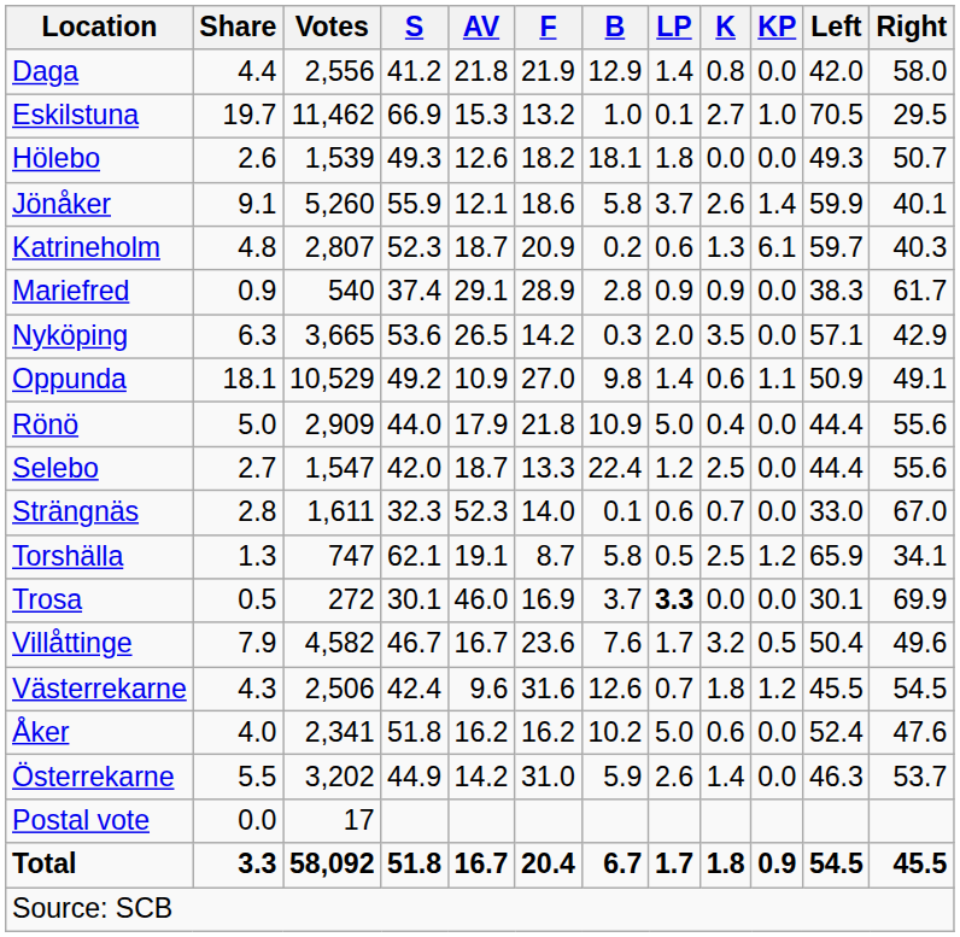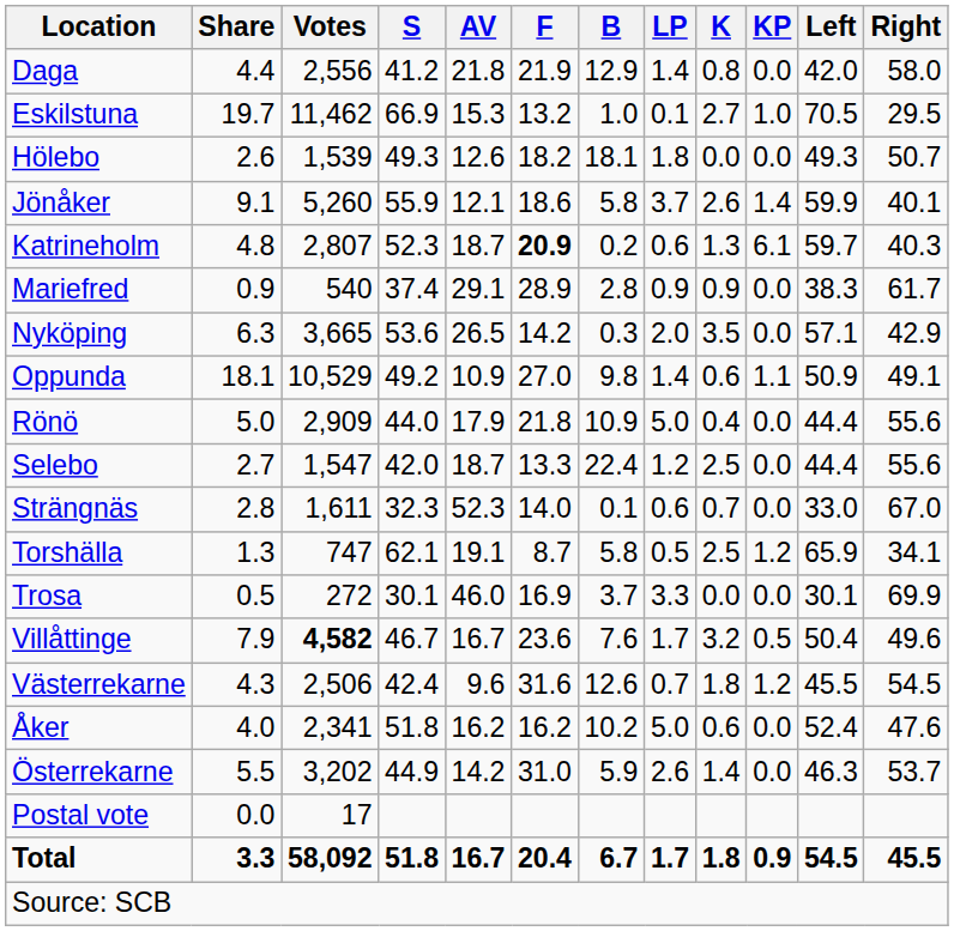 <table class="wikitable sortable" style=text-align:right>
 <tr>
 <th>Location</th>
 <th>Share</th>
 <th>Votes</th>
 <th><a href='#'>S</a></th>
 <th><a href='#'>AV</a></th>
 <th><a href='#'>F</a></th>
 <th><a href='#'>B</a></th>
 <th><a href='#'>LP</a></th>
 <th><a href='#'>K</a></th>
 <th><a href='#'>KP</a></th>
 <th>Left</th>
 <th>Right</th>
 </tr>
 <tr>
 <td align=left><a href='#'>Daga</a></td>
 <td>4.4</td>
 <td>2,556</td>
 <td>41.2</td>
 <td>21.8</td>
 <td>21.9</td>
 <td>12.9</td>
 <td>1.4</td>
 <td>0.8</td>
 <td>0.0</td>
 <td>42.0</td>
 <td>58.0</td>
 </tr>
 <tr>
 <td align=left><a href='#'>Eskilstuna</a></td>
 <td>19.7</td>
 <td>11,462</td>
 <td>66.9</td>
 <td>15.3</td>
 <td>13.2</td>
 <td>1.0</td>
 <td>0.1</td>
 <td>2.7</td>
 <td>1.0</td>
 <td>70.5</td>
 <td>29.5</td>
 </tr>
 <tr>
 <td align=left><a href='#'>Hölebo</a></td>
 <td>2.6</td>
 <td>1,539</td>
 <td>49.3</td>
 <td>12.6</td>
 <td>18.2</td>
 <td>18.1</td>
 <td>1.8</td>
 <td>0.0</td>
 <td>0.0</td>
 <td>49.3</td>
 <td>50.7</td>
 </tr>
 <tr>
 <td align=left><a href='#'>Jönåker</a></td>
 <td>9.1</td>
 <td>5,260</td>
 <td>55.9</td>
 <td>12.1</td>
 <td>18.6</td>
 <td>5.8</td>
 <td>3.7</td>
 <td>2.6</td>
 <td>1.4</td>
 <td>59.9</td>
 <td>40.1</td>
 </tr>
 <tr>
 <td align=left><a href='#'>Katrineholm</a></td>
 <td>4.8</td>
 <td>2,807</td>
 <td>52.3</td>
 <td>18.7</td>
-<td>20.9</td>
+<td><strong>20.9</strong></td>
 <td>0.2</td>
 <td>0.6</td>
 <td>1.3</td>
 <td>6.1</td>
 <td>59.7</td>
 <td>40.3</td>
 </tr>
 <tr>
 <td align=left><a href='#'>Mariefred</a></td>
 <td>0.9</td>
 <td>540</td>
 <td>37.4</td>
 <td>29.1</td>
 <td>28.9</td>
 <td>2.8</td>
 <td>0.9</td>
 <td>0.9</td>
 <td>0.0</td>
 <td>38.3</td>
 <td>61.7</td>
 </tr>
 <tr>
 <td align=left><a href='#'>Nyköping</a></td>
 <td>6.3</td>
 <td>3,665</td>
 <td>53.6</td>
 <td>26.5</td>
 <td>14.2</td>
 <td>0.3</td>
 <td>2.0</td>
 <td>3.5</td>
 <td>0.0</td>
 <td>57.1</td>
 <td>42.9</td>
 </tr>
 <tr>
 <td align=left><a href='#'>Oppunda</a></td>
 <td>18.1</td>
 <td>10,529</td>
 <td>49.2</td>
 <td>10.9</td>
 <td>27.0</td>
 <td>9.8</td>
 <td>1.4</td>
 <td>0.6</td>
 <td>1.1</td>
 <td>50.9</td>
 <td>49.1</td>
 </tr>
 <tr>
 <td align=left><a href='#'>Rönö</a></td>
 <td>5.0</td>
 <td>2,909</td>
 <td>44.0</td>
 <td>17.9</td>
 <td>21.8</td>
 <td>10.9</td>
 <td>5.0</td>
 <td>0.4</td>
 <td>0.0</td>
 <td>44.4</td>
 <td>55.6</td>
 </tr>
 <tr>
 <td align=left><a href='#'>Selebo</a></td>
 <td>2.7</td>
 <td>1,547</td>
 <td>42.0</td>
 <td>18.7</td>
 <td>13.3</td>
 <td>22.4</td>
 <td>1.2</td>
 <td>2.5</td>
 <td>0.0</td>
 <td>44.4</td>
 <td>55.6</td>
 </tr>
 <tr>
 <td align=left><a href='#'>Strängnäs</a></td>
 <td>2.8</td>
 <td>1,611</td>
 <td>32.3</td>
 <td>52.3</td>
 <td>14.0</td>
 <td>0.1</td>
 <td>0.6</td>
 <td>0.7</td>
 <td>0.0</td>
 <td>33.0</td>
 <td>67.0</td>
 </tr>
 <tr>
 <td align=left><a href='#'>Torshälla</a></td>
 <td>1.3</td>
 <td>747</td>
 <td>62.1</td>
 <td>19.1</td>
 <td>8.7</td>
 <td>5.8</td>
 <td>0.5</td>
 <td>2.5</td>
 <td>1.2</td>
 <td>65.9</td>
 <td>34.1</td>
 </tr>
 <tr>
 <td align=left><a href='#'>Trosa</a></td>
 <td>0.5</td>
 <td>272</td>
 <td>30.1</td>
 <td>46.0</td>
 <td>16.9</td>
 <td>3.7</td>
-<td><strong>3.3</strong></td>
+<td>3.3</td>
 <td>0.0</td>
 <td>0.0</td>
 <td>30.1</td>
 <td>69.9</td>
 </tr>
 <tr>
 <td align=left><a href='#'>Villåttinge</a></td>
 <td>7.9</td>
-<td>4,582</td>
+<td><strong>4,582</strong></td>
 <td>46.7</td>
 <td>16.7</td>
 <td>23.6</td>
 <td>7.6</td>
 <td>1.7</td>
 <td>3.2</td>
 <td>0.5</td>
 <td>50.4</td>
 <td>49.6</td>
 </tr>
 <tr>
 <td align=left><a href='#'>Västerrekarne</a></td>
 <td>4.3</td>
 <td>2,506</td>
 <td>42.4</td>
 <td>9.6</td>
 <td>31.6</td>
 <td>12.6</td>
 <td>0.7</td>
 <td>1.8</td>
 <td>1.2</td>
 <td>45.5</td>
 <td>54.5</td>
 </tr>
 <tr>
 <td align=left><a href='#'>Åker</a></td>
 <td>4.0</td>
 <td>2,341</td>
 <td>51.8</td>
 <td>16.2</td>
 <td>16.2</td>
 <td>10.2</td>
 <td>5.0</td>
 <td>0.6</td>
 <td>0.0</td>
 <td>52.4</td>
 <td>47.6</td>
 </tr>
 <tr>
 <td align=left><a href='#'>Österrekarne</a></td>
 <td>5.5</td>
 <td>3,202</td>
 <td>44.9</td>
 <td>14.2</td>
 <td>31.0</td>
 <td>5.9</td>
 <td>2.6</td>
 <td>1.4</td>
 <td>0.0</td>
 <td>46.3</td>
 <td>53.7</td>
 </tr>
 <tr>
 <td align=left><a href='#'>Postal vote</a></td>
 <td>0.0</td>
 <td>17</td>
 <td></td>
 <td></td>
 <td></td>
 <td></td>
 <td></td>
 <td></td>
 <td></td>
 <td></td>
 <td></td>
 </tr>
 <tr>
 <td align=left><strong>Total</strong></td>
 <td><strong>3.3</strong></td>
 <td><strong>58,092</strong></td>
 <td><strong>51.8</strong></td>
 <td><strong>16.7</strong></td>
 <td><strong>20.4</strong></td>
 <td><strong>6.7</strong></td>
 <td><strong>1.7</strong></td>
 <td><strong>1.8</strong></td>
 <td><strong>0.9</strong></td>
 <td><strong>54.5</strong></td>
 <td><strong>45.5</strong></td>
 </tr>
 <tr>
 <td align=left colspan=12>Source: SCB </td>
 </tr>
 </table>
